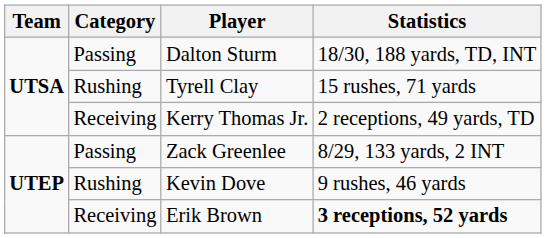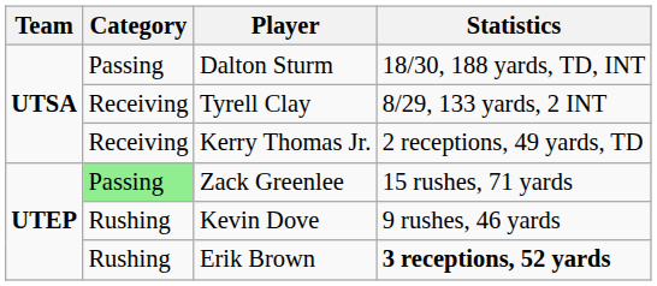 <table class="wikitable" style="float: left;">
 <tr>
 <th>Team</th>
 <th>Category</th>
 <th>Player</th>
 <th>Statistics</th>
 </tr>
 <tr>
 <td rowspan=3><strong>UTSA</strong></td>
 <td>Passing</td>
 <td>Dalton Sturm</td>
 <td>18/30, 188 yards, TD, INT</td>
 </tr>
 <tr>
-<td>Rushing</td>
+<td>Receiving</td>
 <td>Tyrell Clay</td>
-<td>15 rushes, 71 yards</td>
+<td>8/29, 133 yards, 2 INT</td>
 </tr>
 <tr>
 <td>Receiving</td>
 <td>Kerry Thomas Jr.</td>
 <td>2 receptions, 49 yards, TD</td>
 </tr>
 <tr>
 <td rowspan=3><strong>UTEP</strong></td>
-<td>Passing</td>
+<td style="background: lightgreen;">Passing</td>
 <td>Zack Greenlee</td>
-<td>8/29, 133 yards, 2 INT</td>
+<td>15 rushes, 71 yards</td>
 </tr>
 <tr>
 <td>Rushing</td>
 <td>Kevin Dove</td>
 <td>9 rushes, 46 yards</td>
 </tr>
 <tr>
-<td>Receiving</td>
+<td>Rushing</td>
 <td>Erik Brown</td>
 <td><strong>3 receptions, 52 yards</strong></td>
 </tr>
 </table>
